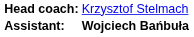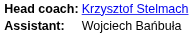 <table>
 <tr>
 <td><strong>Head coach:</strong></td>
 <td> <a href='#'>Krzysztof Stelmach</a></td>
 </tr>
 <tr>
 <td><strong>Assistant:</strong></td>
-<td><strong> Wojciech Bańbuła</strong></td>
+<td> Wojciech Bańbuła</td>
 </tr>
 </table>
